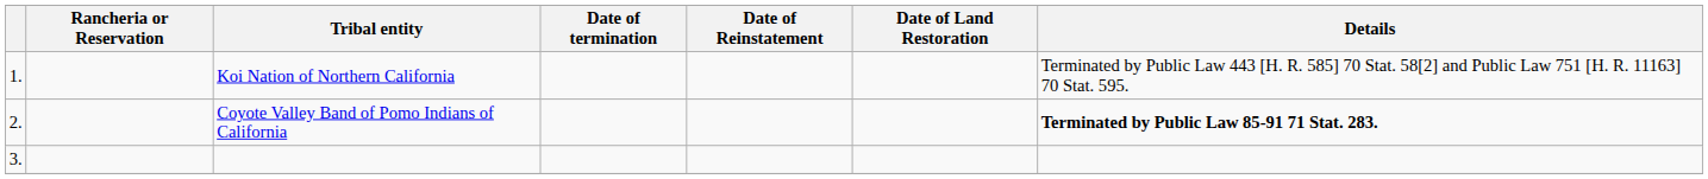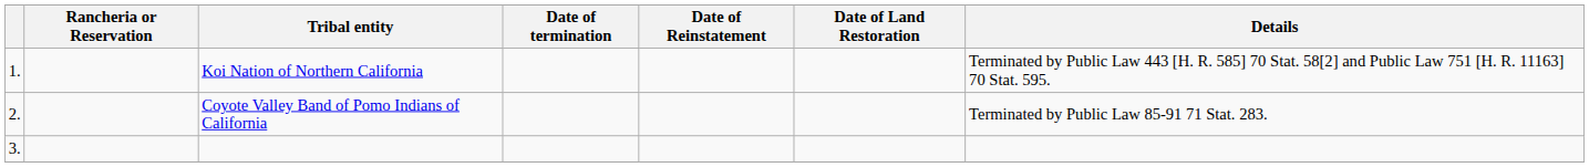 <table class="wikitable sortable">
 <tr>
 </tr>
 <tr>
 <th></th>
 <th>Rancheria or Reservation</th>
 <th>Tribal entity</th>
 <th>Date of termination</th>
 <th>Date of Reinstatement</th>
 <th>Date of Land Restoration</th>
 <th>Details</th>
 </tr>
 <tr>
 <td>1.</td>
 <td></td>
 <td><a href='#'>Koi Nation of Northern California</a></td>
 <td></td>
 <td></td>
 <td></td>
 <td>Terminated by Public Law 443 [H. R. 585] 70 Stat. 58[2] and Public Law 751 [H. R. 11163] 70 Stat. 595.</td>
 </tr>
 <tr>
 <td>2.</td>
 <td></td>
 <td><a href='#'>Coyote Valley Band of Pomo Indians of California</a></td>
 <td></td>
 <td></td>
 <td></td>
-<td><strong>Terminated by Public Law 85-91  71 Stat. 283.</strong></td>
+<td>Terminated by Public Law 85-91  71 Stat. 283.</td>
 </tr>
 <tr>
 <td>3.</td>
 <td></td>
 <td></td>
 <td></td>
 <td></td>
 <td></td>
 <td></td>
 </tr>
 <tr>
 </tr>
 </table>
